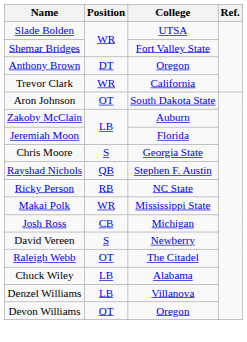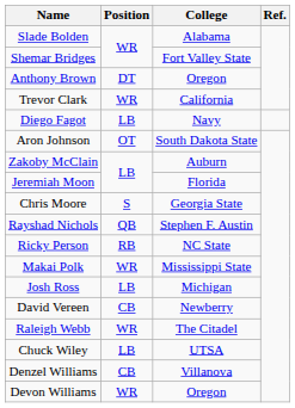 <table class="wikitable" style="text-align:center">
 <tr>
 <th>Name</th>
 <th>Position</th>
 <th>College</th>
 <th>Ref.</th>
 </tr>
 <tr>
 <td><a href='#'>Slade Bolden</a></td>
 <td rowspan="2"><a href='#'>WR</a></td>
-<td><a href='#'>UTSA</a></td>
+<td><a href='#'>Alabama</a></td>
 <td rowspan="4"></td>
 </tr>
 <tr>
 <td><a href='#'>Shemar Bridges</a></td>
 <td><a href='#'>Fort Valley State</a></td>
 </tr>
 <tr>
 <td><a href='#'>Anthony Brown</a></td>
 <td><a href='#'>DT</a></td>
 <td><a href='#'>Oregon</a></td>
 </tr>
 <tr>
 <td>Trevor Clark</td>
 <td><a href='#'>WR</a></td>
 <td><a href='#'>California</a></td>
+</tr>
+<tr>
+<td><a href='#'>Diego Fagot</a></td>
+<td><a href='#'>LB</a></td>
+<td><a href='#'>Navy</a></td>
+<td></td>
 </tr>
 <tr>
 <td>Aron Johnson</td>
 <td><a href='#'>OT</a></td>
 <td><a href='#'>South Dakota State</a></td>
 <td rowspan="13"></td>
 </tr>
 <tr>
 <td><a href='#'>Zakoby McClain</a></td>
 <td rowspan="2"><a href='#'>LB</a></td>
 <td><a href='#'>Auburn</a></td>
 </tr>
 <tr>
 <td><a href='#'>Jeremiah Moon</a></td>
 <td><a href='#'>Florida</a></td>
 </tr>
 <tr>
 <td>Chris Moore</td>
 <td><a href='#'>S</a></td>
 <td><a href='#'>Georgia State</a></td>
 </tr>
 <tr>
 <td><a href='#'>Rayshad Nichols</a></td>
 <td><a href='#'>QB</a></td>
 <td><a href='#'>Stephen F. Austin</a></td>
 </tr>
 <tr>
 <td><a href='#'>Ricky Person</a></td>
 <td><a href='#'>RB</a></td>
 <td><a href='#'>NC State</a></td>
 </tr>
 <tr>
 <td><a href='#'>Makai Polk</a></td>
 <td><a href='#'>WR</a></td>
 <td><a href='#'>Mississippi State</a></td>
 </tr>
 <tr>
 <td><a href='#'>Josh Ross</a></td>
-<td><a href='#'>CB</a></td>
+<td><a href='#'>LB</a></td>
 <td><a href='#'>Michigan</a></td>
 </tr>
 <tr>
 <td>David Vereen</td>
-<td><a href='#'>S</a></td>
+<td><a href='#'>CB</a></td>
 <td><a href='#'>Newberry</a></td>
 </tr>
 <tr>
 <td><a href='#'>Raleigh Webb</a></td>
-<td><a href='#'>OT</a></td>
+<td><a href='#'>WR</a></td>
 <td><a href='#'>The Citadel</a></td>
 </tr>
 <tr>
 <td>Chuck Wiley</td>
 <td><a href='#'>LB</a></td>
-<td><a href='#'>Alabama</a></td>
+<td><a href='#'>UTSA</a></td>
 </tr>
 <tr>
 <td>Denzel Williams</td>
-<td><a href='#'>LB</a></td>
+<td><a href='#'>CB</a></td>
 <td><a href='#'>Villanova</a></td>
 </tr>
 <tr>
 <td>Devon Williams</td>
-<td><a href='#'>OT</a></td>
+<td><a href='#'>WR</a></td>
 <td><a href='#'>Oregon</a></td>
 </tr>
 </table>
